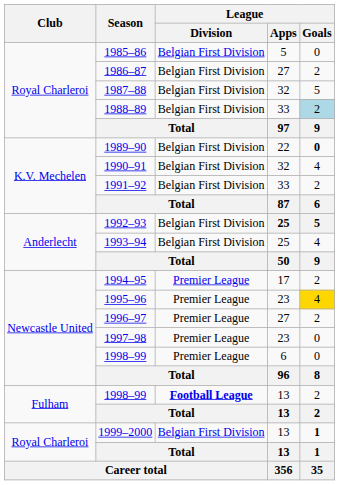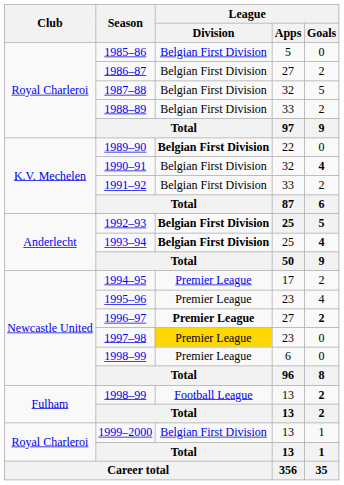 <table class="wikitable" style="text-align: center">
 <tr>
 <th rowspan="2">Club</th>
 <th rowspan="2">Season</th>
 <th colspan="3">League</th>
 </tr>
 <tr>
 <th>Division</th>
 <th>Apps</th>
 <th>Goals</th>
 </tr>
 <tr>
 <td rowspan="5"><a href='#'>Royal Charleroi</a></td>
 <td><a href='#'>1985–86</a></td>
 <td><a href='#'>Belgian First Division</a></td>
 <td>5</td>
 <td>0</td>
 </tr>
 <tr>
 <td><a href='#'>1986–87</a></td>
 <td>Belgian First Division</td>
 <td>27</td>
 <td>2</td>
 </tr>
 <tr>
 <td><a href='#'>1987–88</a></td>
 <td>Belgian First Division</td>
 <td>32</td>
 <td>5</td>
 </tr>
 <tr>
 <td><a href='#'>1988–89</a></td>
 <td>Belgian First Division</td>
 <td>33</td>
-<td style="background: lightblue;">2</td>
+<td>2</td>
 </tr>
 <tr>
 <th colspan="2">Total</th>
 <th>97</th>
 <th>9</th>
 </tr>
 <tr>
 <td rowspan="4"><a href='#'>K.V. Mechelen</a></td>
 <td><a href='#'>1989–90</a></td>
-<td>Belgian First Division</td>
+<td><strong>Belgian First Division</strong></td>
 <td>22</td>
-<td><strong>0</strong></td>
+<td>0</td>
 </tr>
 <tr>
 <td><a href='#'>1990–91</a></td>
 <td>Belgian First Division</td>
 <td>32</td>
-<td>4</td>
+<td><strong>4</strong></td>
 </tr>
 <tr>
 <td><a href='#'>1991–92</a></td>
 <td>Belgian First Division</td>
 <td>33</td>
 <td>2</td>
 </tr>
 <tr>
 <th colspan="2">Total</th>
 <th>87</th>
 <th>6</th>
 </tr>
 <tr>
 <td rowspan="3"><a href='#'>Anderlecht</a></td>
 <td><a href='#'>1992–93</a></td>
-<td>Belgian First Division</td>
+<td><strong>Belgian First Division</strong></td>
 <th>25</th>
 <th>5</th>
 </tr>
 <tr>
 <td><a href='#'>1993–94</a></td>
-<td>Belgian First Division</td>
+<td><strong>Belgian First Division</strong></td>
 <td>25</td>
-<td>4</td>
+<td><strong>4</strong></td>
 </tr>
 <tr>
 <th colspan="2">Total</th>
 <th>50</th>
 <th>9</th>
 </tr>
 <tr>
 <td rowspan="6"><a href='#'>Newcastle United</a></td>
 <td><a href='#'>1994–95</a></td>
 <td><a href='#'>Premier League</a></td>
 <td>17</td>
 <td>2</td>
 </tr>
 <tr>
 <td><a href='#'>1995–96</a></td>
 <td>Premier League</td>
 <td>23</td>
-<td style="background: gold;">4</td>
+<td>4</td>
 </tr>
 <tr>
 <td><a href='#'>1996–97</a></td>
-<td>Premier League</td>
+<td><strong>Premier League</strong></td>
 <td>27</td>
-<td>2</td>
+<td><strong>2</strong></td>
 </tr>
 <tr>
 <td><a href='#'>1997–98</a></td>
-<td>Premier League</td>
+<td style="background: gold;">Premier League</td>
 <td>23</td>
 <td>0</td>
 </tr>
 <tr>
 <td><a href='#'>1998–99</a></td>
 <td>Premier League</td>
 <td>6</td>
 <td>0</td>
 </tr>
 <tr>
 <th colspan="2">Total</th>
 <th>96</th>
 <th>8</th>
 </tr>
 <tr>
 <td rowspan="2"><a href='#'>Fulham</a></td>
 <td><a href='#'>1998–99</a></td>
-<td><strong><a href='#'>Football League</a></strong></td>
+<td><a href='#'>Football League</a></td>
 <td>13</td>
-<td>2</td>
+<td><strong>2</strong></td>
 </tr>
 <tr>
 <th colspan="2">Total</th>
 <th>13</th>
 <th>2</th>
 </tr>
 <tr>
 <td rowspan="2"><a href='#'>Royal Charleroi</a></td>
 <td><a href='#'>1999–2000</a></td>
 <td><a href='#'>Belgian First Division</a></td>
 <td>13</td>
-<td><strong>1</strong></td>
+<td>1</td>
 </tr>
 <tr>
 <th colspan="2">Total</th>
 <th>13</th>
 <th>1</th>
 </tr>
 <tr>
 <th colspan="3">Career total</th>
 <th>356</th>
 <th>35</th>
 </tr>
 </table>
